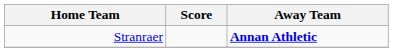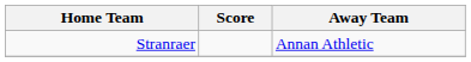 <table class="wikitable" style="border-collapse: collapse;">
 <tr>
 <th align="right" width="185">Home Team</th>
 <th align="center" width="65"> Score </th>
 <th align="left" width="185">Away Team</th>
 </tr>
 <tr>
 <td style="text-align: right;"><a href='#'>Stranraer</a></td>
 <td style="text-align: center;"></td>
-<td style="text-align: left;"><strong><a href='#'>Annan Athletic</a></strong></td>
+<td style="text-align: left;"><a href='#'>Annan Athletic</a></td>
 </tr>
 <tr>
 </tr>
 </table>
